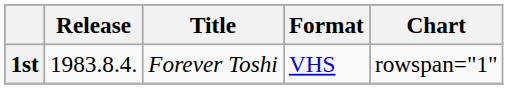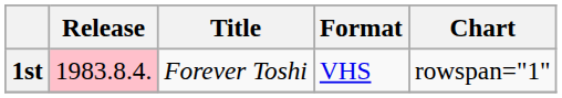 <table class="wikitable" style="font-size:small;">
 <tr>
 <th></th>
 <th>Release</th>
 <th>Title</th>
 <th>Format</th>
 <th>Chart</th>
 </tr>
 <tr>
 <th>1st</th>
-<td>1983.8.4.</td>
+<td style="background: pink;">1983.8.4.</td>
 <td><em>Forever Toshi</em></td>
 <td rowspan="1"><a href='#'>VHS</a></td>
 <td>rowspan="1"</td>
 </tr>
 <tr>
 </tr>
 </table>
